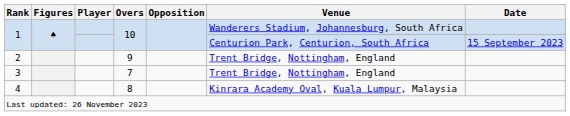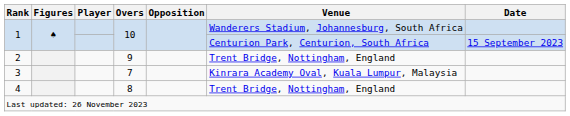 <table class="wikitable plainrowheaders sortable">
 <tr>
 <th scope=col>Rank</th>
 <th scope=col>Figures</th>
 <th scope=col>Player</th>
 <th scope=col>Overs</th>
 <th scope=col>Opposition</th>
 <th scope=col>Venue</th>
 <th scope=col>Date</th>
 </tr>
 <tr bgcolor=#cee0f2>
 <td align=center rowspan=2>1</td>
 <th scope=row style="background:#cee0f2; text-align:center;" rowspan=2> ♠</th>
 <td></td>
 <td rowspan=2 align=center>10</td>
 <td rowspan=2></td>
 <td><a href='#'>Wanderers Stadium</a>, <a href='#'>Johannesburg</a>, South Africa</td>
 <td><a href='#'></a></td>
 </tr>
 <tr bgcolor=#cee0f2>
 <td></td>
 <td><a href='#'>Centurion Park</a>, <a href='#'>Centurion, South Africa</a></td>
 <td><a href='#'>15 September 2023</a></td>
 </tr>
 <tr>
 <td align=center>2</td>
 <th scope=row style=text-align:center;></th>
 <td></td>
 <td align=center>9</td>
 <td></td>
 <td><a href='#'>Trent Bridge</a>, <a href='#'>Nottingham</a>, England</td>
 <td><a href='#'></a></td>
 </tr>
 <tr>
 <td align=center>3</td>
 <th scope=row style=text-align:center;></th>
 <td></td>
 <td align=center>7</td>
 <td></td>
-<td><a href='#'>Trent Bridge</a>, <a href='#'>Nottingham</a>, England</td>
+<td><a href='#'>Kinrara Academy Oval</a>, <a href='#'>Kuala Lumpur</a>, Malaysia</td>
 <td><a href='#'></a></td>
 </tr>
 <tr>
 <td align=center>4</td>
 <th scope=row style=text-align:center;></th>
 <td></td>
 <td align=center>8</td>
 <td></td>
-<td><a href='#'>Kinrara Academy Oval</a>, <a href='#'>Kuala Lumpur</a>, Malaysia</td>
+<td><a href='#'>Trent Bridge</a>, <a href='#'>Nottingham</a>, England</td>
 <td><a href='#'></a></td>
 </tr>
 <tr class=sortbottom>
 <td colspan=7><small>Last updated: 26 November 2023</small></td>
 </tr>
 </table>
